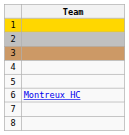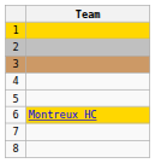 <table class="wikitable" style="text-align:center;">
 <tr>
 <th width=20></th>
 <th width=150>Team</th>
 </tr>
 <tr bgcolor="gold">
 <td>1</td>
 <td align="left"><strong></strong></td>
 </tr>
 <tr bgcolor="silver">
 <td>2</td>
 <td align="left"></td>
 </tr>
 <tr bgcolor="#cc9966">
 <td>3</td>
 <td align="left"></td>
 </tr>
 <tr>
 <td>4</td>
 <td align="left"></td>
 </tr>
 <tr>
 <td>5</td>
 <td align="left"></td>
 </tr>
 <tr>
 <td>6</td>
-<td align="left"> <a href='#'>Montreux HC</a></td>
+<td align="left" style="background: gold;"> <a href='#'>Montreux HC</a></td>
 </tr>
 <tr>
 <td>7</td>
 <td align="left"></td>
 </tr>
 <tr>
 <td>8</td>
 <td align="left"></td>
 </tr>
 </table>
